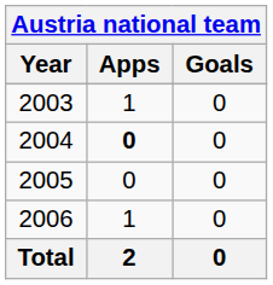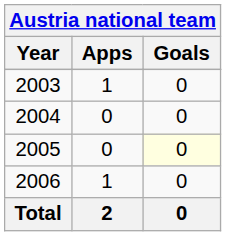 <table class="wikitable" style="text-align:center">
 <tr>
 <th colspan=3><a href='#'>Austria national team</a></th>
 </tr>
 <tr>
 <th>Year</th>
 <th>Apps</th>
 <th>Goals</th>
 </tr>
 <tr>
 </tr>
 <tr>
 <td>2003</td>
 <td>1</td>
 <td>0</td>
 </tr>
 <tr>
 <td>2004</td>
-<td><strong>0</strong></td>
+<td>0</td>
 <td>0</td>
 </tr>
 <tr>
 <td>2005</td>
 <td>0</td>
-<td>0</td>
+<td style="background: lightyellow;">0</td>
 </tr>
 <tr>
 <td>2006</td>
 <td>1</td>
 <td>0</td>
 </tr>
 <tr>
 <th>Total</th>
 <th>2</th>
 <th>0</th>
 </tr>
 </table>
